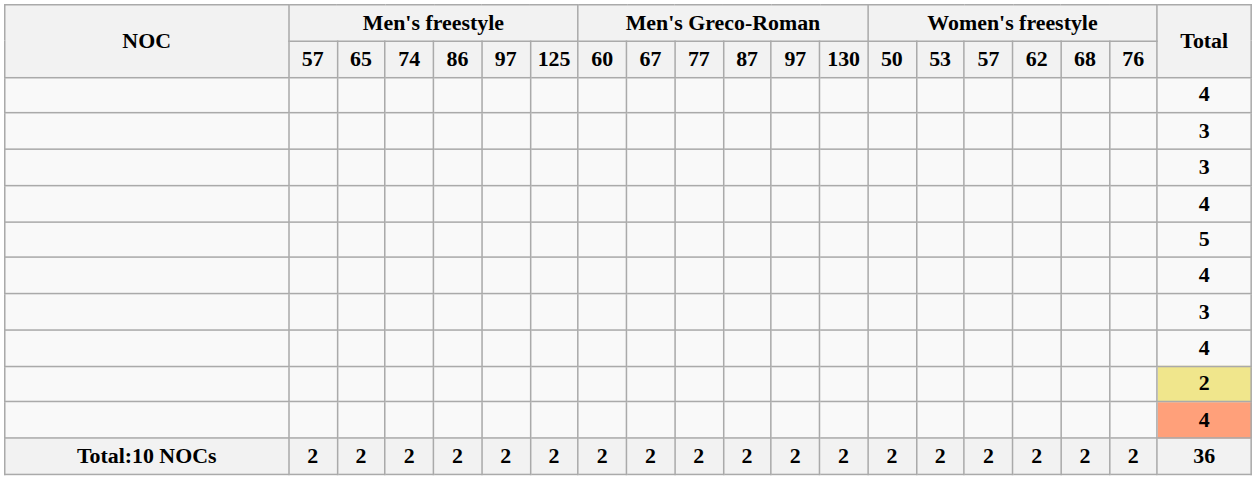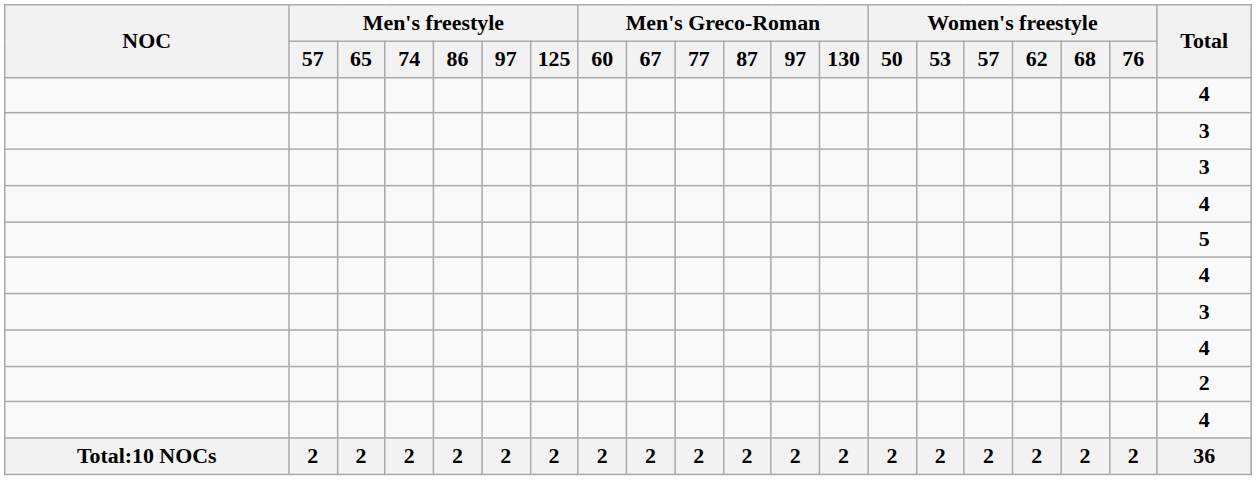 <table class="wikitable" style="text-align:center; font-size:90%">
 <tr>
 <th rowspan="2" width=180 style="text-align:center;">NOC</th>
 <th colspan="6">Men's freestyle</th>
 <th colspan="6">Men's Greco-Roman</th>
 <th colspan=6>Women's freestyle</th>
 <th ! width=55 rowspan="2">Total</th>
 </tr>
 <tr>
 <th width="25">57</th>
 <th width="25">65</th>
 <th width="25">74</th>
 <th width="25">86</th>
 <th width="25">97</th>
 <th width="25">125</th>
 <th width="25">60</th>
 <th width="25">67</th>
 <th width="25">77</th>
 <th width="25">87</th>
 <th width="25">97</th>
 <th width="25">130</th>
 <th width="25">50</th>
 <th width="25">53</th>
 <th width="25">57</th>
 <th width="25">62</th>
 <th width="25">68</th>
 <th width="25">76</th>
 </tr>
 <tr>
 <td align="left"></td>
 <td></td>
 <td></td>
 <td></td>
 <td></td>
 <td></td>
 <td></td>
 <td></td>
 <td></td>
 <td></td>
 <td></td>
 <td></td>
 <td></td>
 <td></td>
 <td></td>
 <td></td>
 <td></td>
 <td></td>
 <td></td>
 <td><strong>4</strong></td>
 </tr>
 <tr>
 <td align="left"></td>
 <td></td>
 <td></td>
 <td></td>
 <td></td>
 <td></td>
 <td></td>
 <td></td>
 <td></td>
 <td></td>
 <td></td>
 <td></td>
 <td></td>
 <td></td>
 <td></td>
 <td></td>
 <td></td>
 <td></td>
 <td></td>
 <td><strong>3</strong></td>
 </tr>
 <tr>
 <td align="left"></td>
 <td></td>
 <td></td>
 <td></td>
 <td></td>
 <td></td>
 <td></td>
 <td></td>
 <td></td>
 <td></td>
 <td></td>
 <td></td>
 <td></td>
 <td></td>
 <td></td>
 <td></td>
 <td></td>
 <td></td>
 <td></td>
 <td><strong>3</strong></td>
 </tr>
 <tr>
 <td align="left"></td>
 <td></td>
 <td></td>
 <td></td>
 <td></td>
 <td></td>
 <td></td>
 <td></td>
 <td></td>
 <td></td>
 <td></td>
 <td></td>
 <td></td>
 <td></td>
 <td></td>
 <td></td>
 <td></td>
 <td></td>
 <td></td>
 <td><strong>4</strong></td>
 </tr>
 <tr>
 <td align="left"></td>
 <td></td>
 <td></td>
 <td></td>
 <td></td>
 <td></td>
 <td></td>
 <td></td>
 <td></td>
 <td></td>
 <td></td>
 <td></td>
 <td></td>
 <td></td>
 <td></td>
 <td></td>
 <td></td>
 <td></td>
 <td></td>
 <td><strong>5</strong></td>
 </tr>
 <tr>
 <td align="left"></td>
 <td></td>
 <td></td>
 <td></td>
 <td></td>
 <td></td>
 <td></td>
 <td></td>
 <td></td>
 <td></td>
 <td></td>
 <td></td>
 <td></td>
 <td></td>
 <td></td>
 <td></td>
 <td></td>
 <td></td>
 <td></td>
 <td><strong>4</strong></td>
 </tr>
 <tr>
 <td align="left"></td>
 <td></td>
 <td></td>
 <td></td>
 <td></td>
 <td></td>
 <td></td>
 <td></td>
 <td></td>
 <td></td>
 <td></td>
 <td></td>
 <td></td>
 <td></td>
 <td></td>
 <td></td>
 <td></td>
 <td></td>
 <td></td>
 <td><strong>3</strong></td>
 </tr>
 <tr>
 <td align="left"></td>
 <td></td>
 <td></td>
 <td></td>
 <td></td>
 <td></td>
 <td></td>
 <td></td>
 <td></td>
 <td></td>
 <td></td>
 <td></td>
 <td></td>
 <td></td>
 <td></td>
 <td></td>
 <td></td>
 <td></td>
 <td></td>
 <td><strong>4</strong></td>
 </tr>
 <tr>
 <td align="left"></td>
 <td></td>
 <td></td>
 <td></td>
 <td></td>
 <td></td>
 <td></td>
 <td></td>
 <td></td>
 <td></td>
 <td></td>
 <td></td>
 <td></td>
 <td></td>
 <td></td>
 <td></td>
 <td></td>
 <td></td>
 <td></td>
-<td style="background: khaki;"><strong>2</strong></td>
+<td><strong>2</strong></td>
 </tr>
 <tr>
 <td align="left"></td>
 <td></td>
 <td></td>
 <td></td>
 <td></td>
 <td></td>
 <td></td>
 <td></td>
 <td></td>
 <td></td>
 <td></td>
 <td></td>
 <td></td>
 <td></td>
 <td></td>
 <td></td>
 <td></td>
 <td></td>
 <td></td>
-<td style="background: lightsalmon;"><strong>4</strong></td>
+<td><strong>4</strong></td>
 </tr>
 <tr>
 <th>Total:10 NOCs</th>
 <th>2</th>
 <th>2</th>
 <th>2</th>
 <th>2</th>
 <th>2</th>
 <th>2</th>
 <th>2</th>
 <th>2</th>
 <th>2</th>
 <th>2</th>
 <th>2</th>
 <th>2</th>
 <th>2</th>
 <th>2</th>
 <th>2</th>
 <th>2</th>
 <th>2</th>
 <th>2</th>
 <th>36</th>
 </tr>
 </table>
